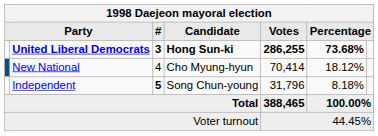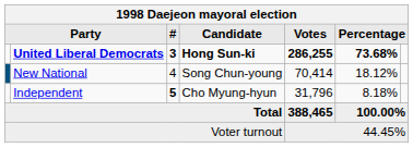 <table class="wikitable">
 <tr>
 <th colspan="7">1998 Daejeon mayoral election</th>
 </tr>
 <tr>
 <th style="background-color:#E9E9E9" colspan=2>Party</th>
 <th style="background-color:#E9E9E9">#</th>
 <th style="background-color:#E9E9E9">Candidate</th>
 <th style="background-color:#E9E9E9">Votes</th>
 <th style="background-color:#E9E9E9" colspan=2>Percentage</th>
 </tr>
 <tr style="font-weight:bold">
 <td></td>
 <td align=left><a href='#'>United Liberal Democrats</a></td>
 <td align=center>3</td>
 <td align=left>Hong Sun-ki</td>
 <td align=right>286,255</td>
 <td align=right>73.68%</td>
 <td align=right></td>
 </tr>
 <tr>
 <td bgcolor="#05517E"></td>
 <td align=left><a href='#'>New National</a></td>
 <td align=center>4</td>
-<td align=left>Cho Myung-hyun</td>
+<td align=left>Song Chun-young</td>
 <td align=right>70,414</td>
 <td align=right>18.12%</td>
 <td align=right></td>
 </tr>
 <tr>
 <td></td>
 <td align=left><a href='#'>Independent</a></td>
 <td align=center><strong>5</strong></td>
-<td align=left>Song Chun-young</td>
+<td align=left>Cho Myung-hyun</td>
 <td align=right>31,796</td>
 <td align=right>8.18%</td>
 <td align=right></td>
 </tr>
 <tr bgcolor="#EEEEEE" style="font-weight:bold">
 <td colspan="4" align=right>Total</td>
 <td align=right>388,465</td>
 <td align=right colspan=2>100.00%</td>
 </tr>
 <tr bgcolor="#EEEEEE">
 <td colspan="4" align="right">Voter turnout</td>
 <td colspan="3" align="right">44.45%</td>
 </tr>
 </table>
